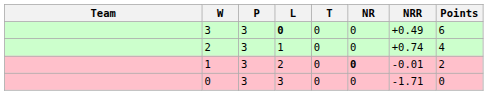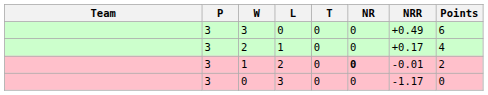 <table class="wikitable">
 <tr>
 <th width=38%>Team</th>
+<th width=7%>P</th>
 <th width=7%>W</th>
-<th width=7%>P</th>
 <th width=7%>L</th>
 <th width=7%>T</th>
 <th width=8%>NR</th>
 <th width=9%>NRR</th>
 <th width=9%>Points</th>
 </tr>
 <tr bgcolor=ccffcc>
 <td align=left></td>
 <td>3</td>
 <td>3</td>
-<td><strong>0</strong></td>
+<td>0</td>
 <td>0</td>
 <td>0</td>
 <td>+0.49</td>
 <td>6</td>
 </tr>
 <tr bgcolor=ccffcc>
 <td align=left></td>
+<td>3</td>
 <td>2</td>
-<td>3</td>
 <td>1</td>
 <td>0</td>
 <td>0</td>
-<td>+0.74</td>
+<td>+0.17</td>
 <td>4</td>
 </tr>
 <tr bgcolor=pink>
 <td align=left></td>
+<td>3</td>
 <td>1</td>
-<td>3</td>
 <td>2</td>
 <td>0</td>
 <td><strong>0</strong></td>
 <td>-0.01</td>
 <td>2</td>
 </tr>
 <tr bgcolor=pink>
 <td align=left></td>
+<td>3</td>
 <td>0</td>
-<td>3</td>
 <td>3</td>
 <td>0</td>
 <td>0</td>
-<td>-1.71</td>
+<td>-1.17</td>
 <td>0</td>
 </tr>
 </table>
